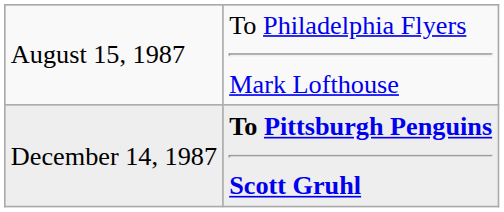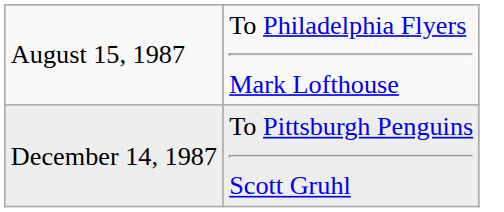 <table class="wikitable">
 <tr>
 <td>August 15, 1987</td>
 <td valign="top">To <a href='#'>Philadelphia Flyers</a><hr><a href='#'>Mark Lofthouse</a></td>
 </tr>
 <tr style="background:#eee;">
 <td>December 14, 1987</td>
-<td valign="top"><strong>To <a href='#'>Pittsburgh Penguins</a><hr><a href='#'>Scott Gruhl</a></strong></td>
+<td valign="top">To <a href='#'>Pittsburgh Penguins</a><hr><a href='#'>Scott Gruhl</a></td>
 </tr>
 </table>
